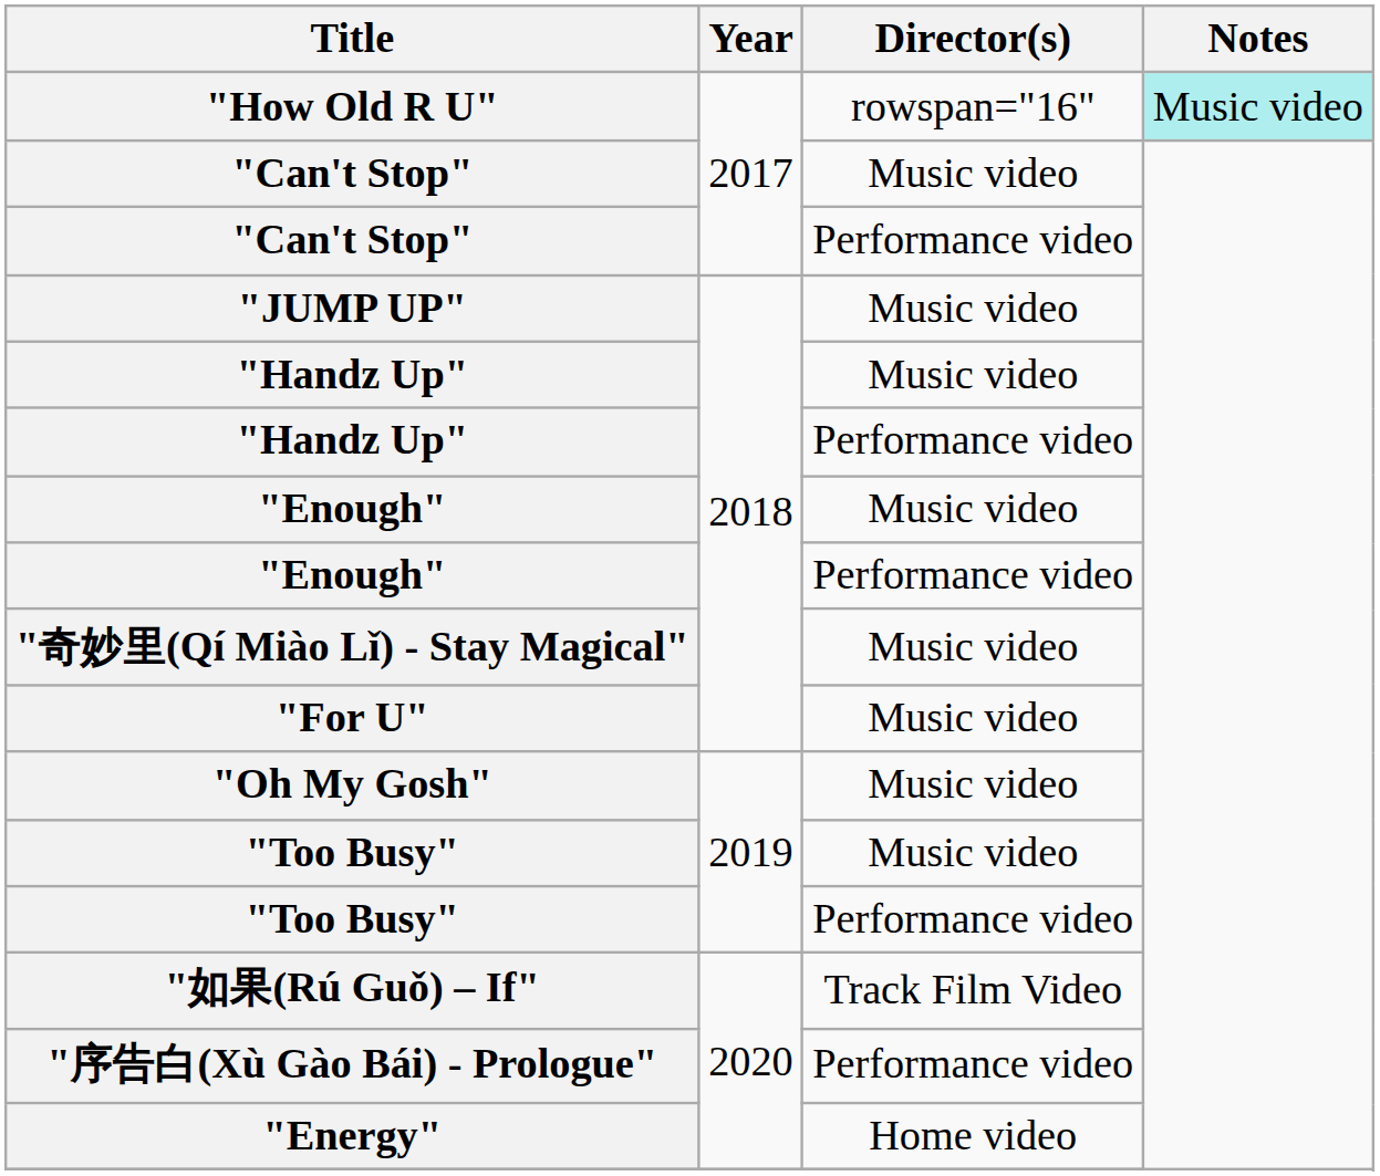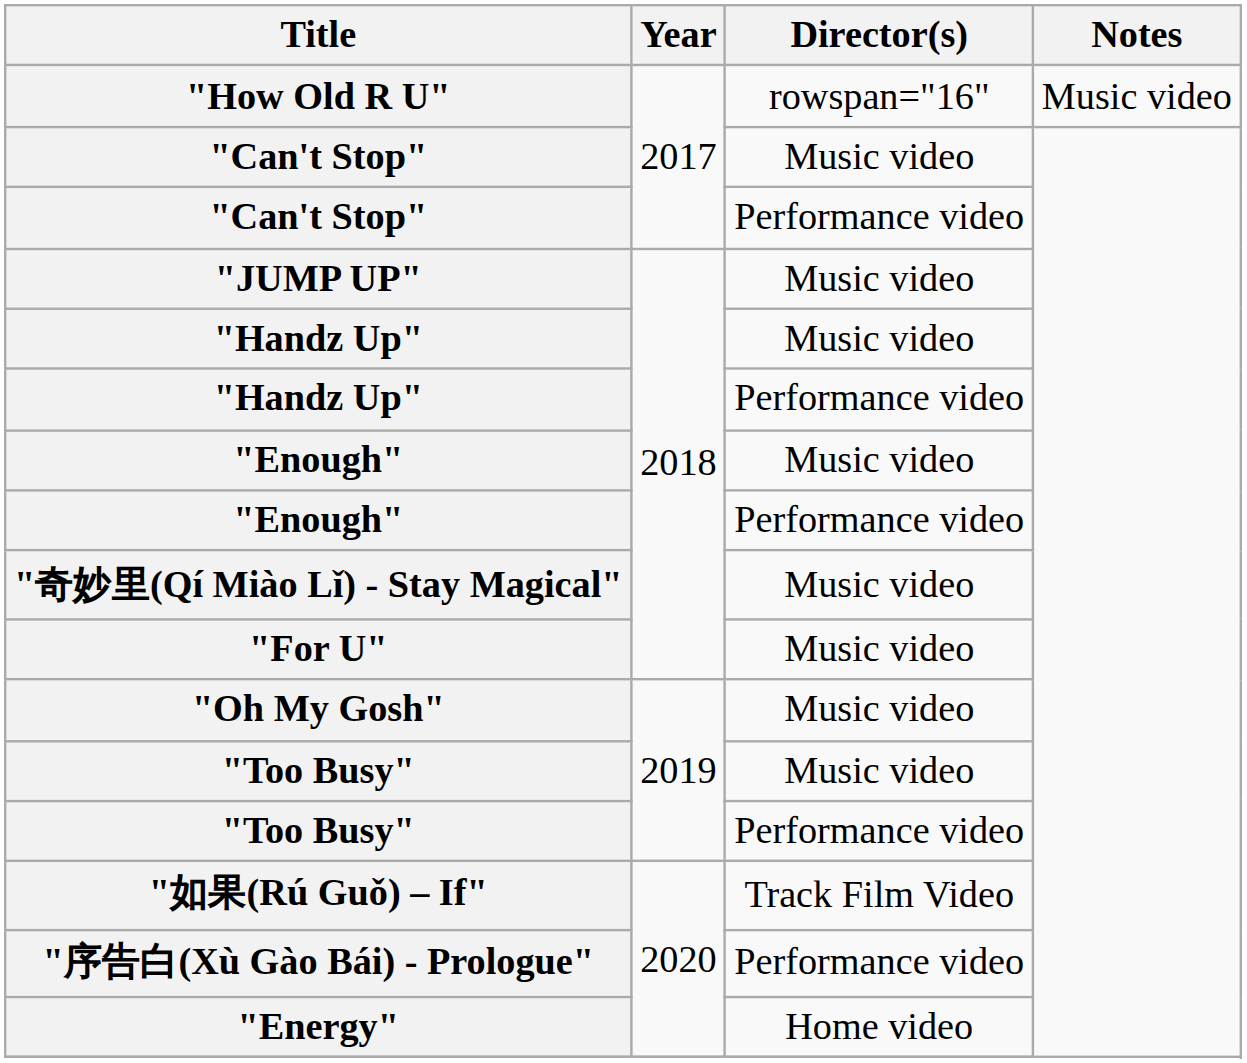 <table class="wikitable plainrowheaders" style="text-align:center;">
 <tr>
 <th scope="row">Title</th>
 <th scope="row">Year</th>
 <th scope="row">Director(s)</th>
 <th scope="row">Notes</th>
 </tr>
 <tr>
 <th scope="row">"How Old R U"</th>
 <td rowspan="3">2017</td>
 <td>rowspan="16" </td>
-<td style="background: paleturquoise;">Music video</td>
+<td>Music video</td>
 </tr>
 <tr>
 <th scope="row">"Can't Stop"</th>
 <td>Music video</td>
 </tr>
 <tr>
 <th scope="row">"Can't Stop"</th>
 <td>Performance video</td>
 </tr>
 <tr>
 <th scope="row">"JUMP UP"</th>
 <td rowspan="7">2018</td>
 <td>Music video</td>
 </tr>
 <tr>
 <th scope="row">"Handz Up"</th>
 <td>Music video</td>
 </tr>
 <tr>
 <th scope="row">"Handz Up"</th>
 <td>Performance video</td>
 </tr>
 <tr>
 <th scope="row">"Enough"</th>
 <td>Music video</td>
 </tr>
 <tr>
 <th scope="row">"Enough"</th>
 <td>Performance video</td>
 </tr>
 <tr>
 <th scope="row">"奇妙里(Qí Miào Lǐ) - Stay Magical"</th>
 <td>Music video</td>
 </tr>
 <tr>
 <th scope="row">"For U"</th>
 <td>Music video</td>
 </tr>
 <tr>
 <th scope="row">"Oh My Gosh"</th>
 <td rowspan="3">2019</td>
 <td>Music video</td>
 </tr>
 <tr>
 <th>"Too Busy"</th>
 <td>Music video</td>
 </tr>
 <tr>
 <th scope="row">"Too Busy"</th>
 <td>Performance video</td>
 </tr>
 <tr>
 <th scope="row">"如果(Rú Guǒ) – If"</th>
 <td rowspan="3">2020</td>
 <td>Track Film Video</td>
 </tr>
 <tr>
 <th scope="row">"序告白(Xù Gào Bái) - Prologue"</th>
 <td>Performance video</td>
 </tr>
 <tr>
 <th scope="row">"Energy"</th>
 <td>Home video</td>
 </tr>
 <tr>
 </tr>
 </table>
